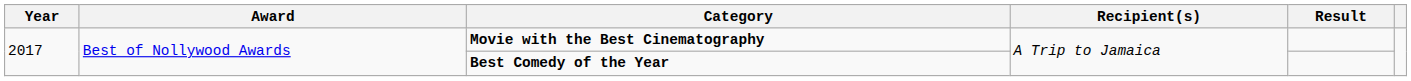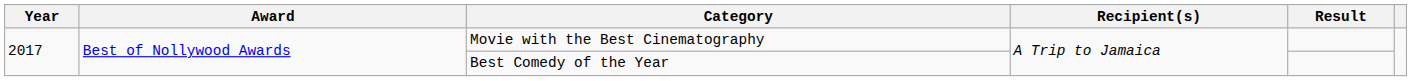 <table class="wikitable sortable" style="width:100%">
 <tr>
 <th>Year</th>
 <th>Award</th>
 <th>Category</th>
 <th>Recipient(s)</th>
 <th>Result</th>
 <th></th>
 </tr>
 <tr>
 <td rowspan="2">2017</td>
 <td rowspan="2"><a href='#'>Best of Nollywood Awards</a></td>
-<td><strong>Movie with the Best Cinematography</strong></td>
+<td>Movie with the Best Cinematography</td>
 <td rowspan="2"><em>A Trip to Jamaica</em></td>
 <td></td>
 <td rowspan="2"></td>
 </tr>
 <tr>
-<td><strong>Best Comedy of the Year</strong></td>
+<td>Best Comedy of the Year</td>
 <td></td>
 </tr>
 </table>
